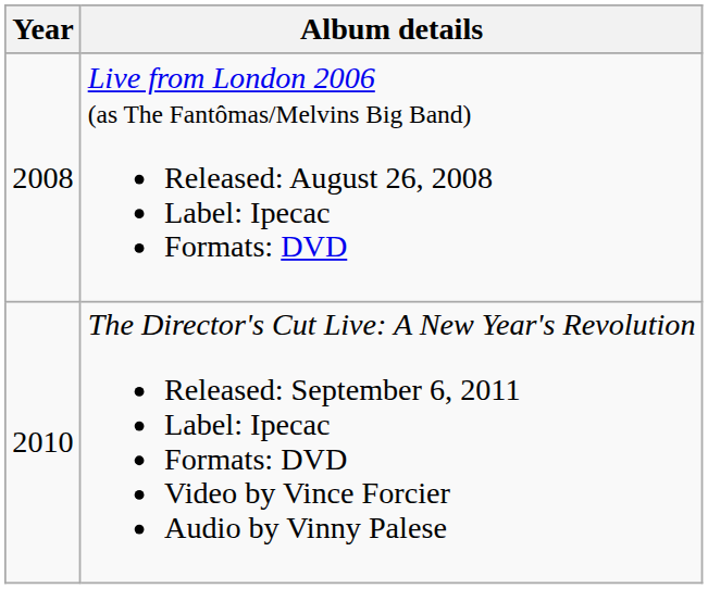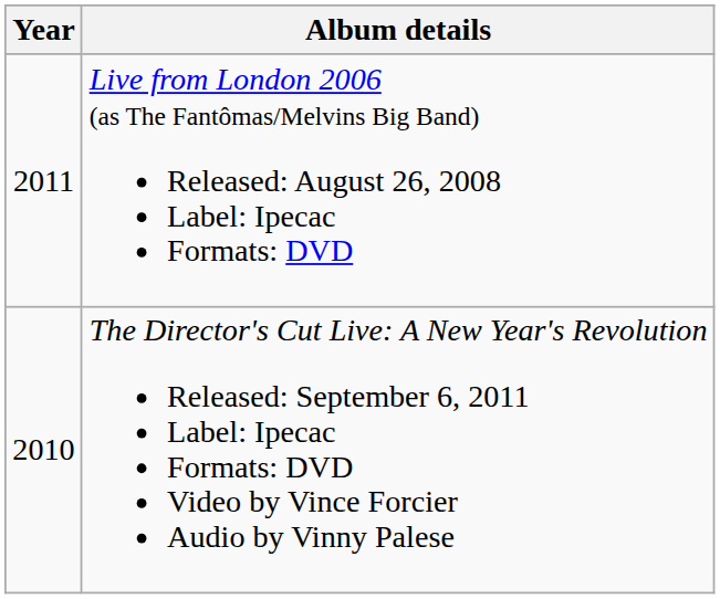 <table class="wikitable">
 <tr>
 <th>Year</th>
 <th>Album details</th>
 </tr>
 <tr>
-<td style="text-align:center;">2008</td>
+<td style="text-align:center;">2011</td>
 <td style="text-align:left;"><em><a href='#'>Live from London 2006</a></em><br><small>(as The Fantômas/Melvins Big Band)</small><br><ul><li>Released: August 26, 2008</li><li>Label: Ipecac</li><li>Formats: <a href='#'>DVD</a></li></ul></td>
 </tr>
 <tr>
 <td style="text-align:center;">2010</td>
 <td style="text-align:left;"><em>The Director's Cut Live: A New Year's Revolution</em><br><ul><li>Released: September 6, 2011</li><li>Label: Ipecac</li><li>Formats: DVD</li><li>Video by Vince Forcier</li><li>Audio by Vinny Palese</li></ul></td>
 </tr>
 </table>
